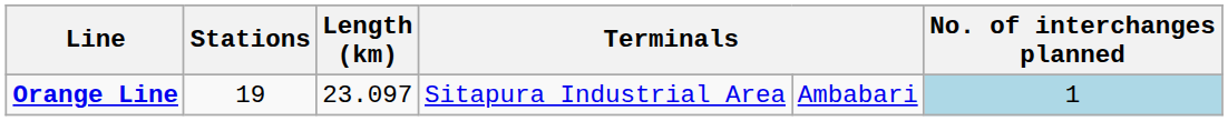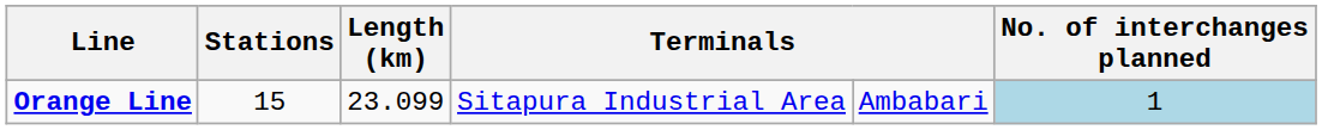 <table class="wikitable" style="margin:auto;">
 <tr>
 <th>Line</th>
 <th>Stations</th>
 <th>Length<br>(km)</th>
 <th colspan="2">Terminals</th>
 <th>No. of interchanges <br>planned</th>
 </tr>
 <tr>
 <td style="background:#"><a href='#'><span><strong>Orange Line</strong></span></a></td>
-<td style="text-align:center;">19</td>
-<td>23.097</td>
+<td style="text-align:center;">15</td>
+<td>23.099</td>
 <td><a href='#'>Sitapura Industrial Area</a></td>
 <td><a href='#'>Ambabari</a></td>
 <td style="background: lightblue; text-align:center;">1</td>
 </tr>
 </table>
